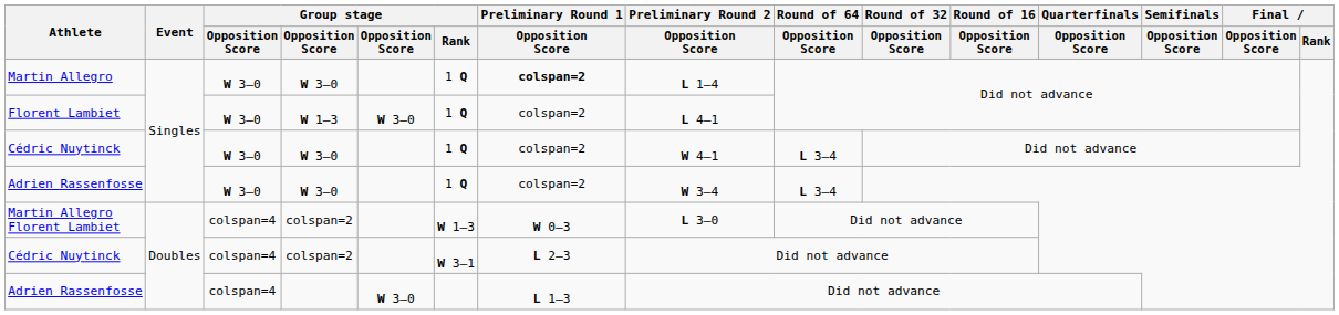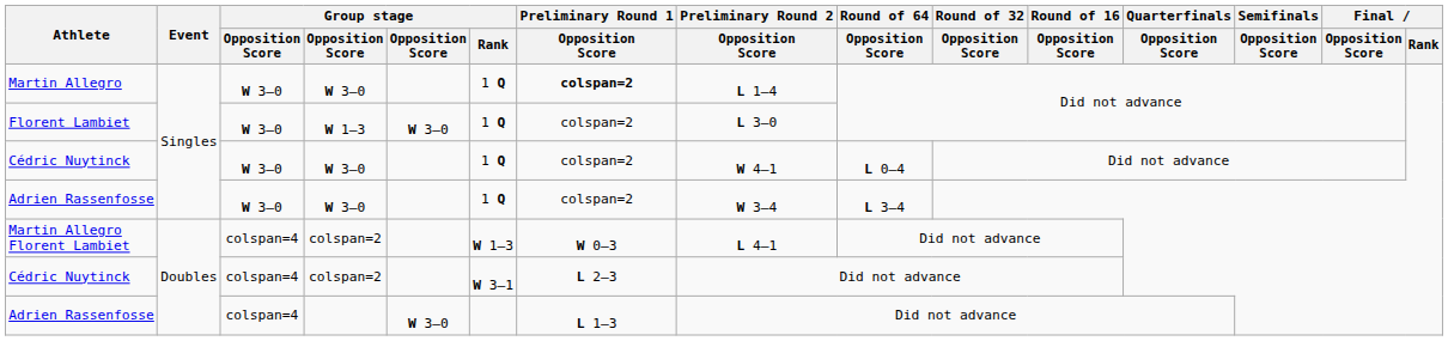 <table class=wikitable style=font-size:90%;text-align:center>
 <tr>
 <th rowspan=2>Athlete</th>
 <th rowspan=2>Event</th>
 <th colspan=4>Group stage</th>
 <th>Preliminary Round 1</th>
 <th>Preliminary Round 2</th>
 <th>Round of 64</th>
 <th>Round of 32</th>
 <th>Round of 16</th>
 <th>Quarterfinals</th>
 <th>Semifinals</th>
 <th colspan=2>Final / </th>
 </tr>
 <tr style=font-size:95%>
 <th>Opposition<br>Score</th>
 <th>Opposition<br>Score</th>
 <th>Opposition<br>Score</th>
 <th>Rank</th>
 <th>Opposition<br>Score</th>
 <th>Opposition<br>Score</th>
 <th>Opposition<br>Score</th>
 <th>Opposition<br>Score</th>
 <th>Opposition<br>Score</th>
 <th>Opposition<br>Score</th>
 <th>Opposition<br>Score</th>
 <th>Opposition<br>Score</th>
 <th>Rank</th>
 </tr>
 <tr>
 <td align=left><a href='#'>Martin Allegro</a></td>
 <td align=left rowspan=4>Singles</td>
 <td><br><strong>W</strong> 3–0</td>
 <td><br><strong>W</strong> 3–0</td>
 <td></td>
 <td>1 <strong>Q</strong></td>
 <td><strong>colspan=2</strong></td>
 <td><br><strong>L</strong> 1–4</td>
 <td colspan=6 rowspan=2>Did not advance</td>
 </tr>
 <tr>
 <td align=left><a href='#'>Florent Lambiet</a></td>
 <td><br><strong>W</strong> 3–0</td>
 <td><br><strong>W</strong> 1–3</td>
 <td><br><strong>W</strong> 3–0</td>
 <td>1 <strong>Q</strong></td>
 <td>colspan=2</td>
-<td><br><strong>L</strong> 4–1</td>
+<td><strong>L</strong> 3–0</td>
 </tr>
 <tr>
 <td align=left><a href='#'>Cédric Nuytinck</a></td>
 <td><br><strong>W</strong> 3–0</td>
 <td><br><strong>W</strong> 3–0</td>
 <td></td>
 <td>1 <strong>Q</strong></td>
 <td>colspan=2</td>
 <td><br><strong>W</strong> 4–1</td>
-<td><br><strong>L</strong> 3–4</td>
+<td><br><strong>L</strong> 0–4</td>
 <td colspan=5>Did not advance</td>
 </tr>
 <tr>
 <td align=left><a href='#'>Adrien Rassenfosse</a></td>
 <td><br><strong>W</strong> 3–0</td>
 <td><br><strong>W</strong> 3–0</td>
 <td></td>
 <td>1 <strong>Q</strong></td>
 <td>colspan=2</td>
 <td><br><strong>W</strong> 3–4</td>
 <td><br><strong>L</strong> 3–4</td>
 </tr>
 <tr>
 <td align=left><a href='#'>Martin Allegro</a><br><a href='#'>Florent Lambiet</a></td>
 <td rowspan=3>Doubles</td>
 <td>colspan=4</td>
 <td>colspan=2</td>
 <td></td>
 <td><br><strong>W</strong> 1–3</td>
 <td><br><strong>W</strong> 0–3</td>
-<td><strong>L</strong> 3–0</td>
+<td><br><strong>L</strong> 4–1</td>
 <td colspan=3>Did not advance</td>
 </tr>
 <tr>
 <td align=left><a href='#'>Cédric Nuytinck</a><br></td>
 <td>colspan=4</td>
 <td>colspan=2</td>
 <td></td>
 <td><br><strong>W</strong> 3–1</td>
 <td><strong>L</strong> 2–3</td>
 <td colspan=4>Did not advance</td>
 </tr>
 <tr>
 <td align=left><a href='#'>Adrien Rassenfosse</a><br></td>
 <td>colspan=4</td>
 <td></td>
 <td><br><strong>W</strong> 3–0</td>
 <td></td>
 <td><br><strong>L</strong> 1–3</td>
 <td colspan=5>Did not advance</td>
 </tr>
 </table>
